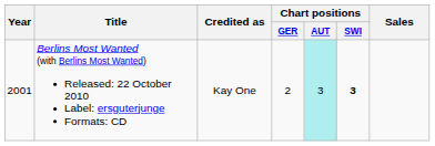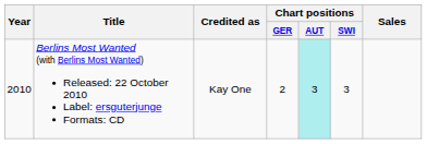 <table class="wikitable">
 <tr>
 <th style="width:20px;" rowspan="2"><strong>Year</strong></th>
 <th style="width:230px;" rowspan="2"><strong>Title</strong></th>
 <th style="width:100px;" rowspan="2"><strong>Credited as</strong></th>
 <th colspan="3"><strong>Chart positions</strong></th>
 <th style="width:80px;" rowspan="2"><strong>Sales</strong></th>
 </tr>
 <tr>
 <th style="width:40px;"><small><a href='#'>GER</a></small></th>
 <th style="width:40px;"><small><a href='#'>AUT</a></small></th>
 <th style="width:40px;"><small><a href='#'>SWI</a></small></th>
 </tr>
 <tr>
-<td>2001</td>
+<td>2010</td>
 <td align="left"><em><a href='#'>Berlins Most Wanted</a></em><br><small>(with  <a href='#'>Berlins Most Wanted</a>)</small><br><ul><li>Released: 22 October 2010</li><li>Label: <a href='#'>ersguterjunge</a></li><li>Formats: CD</li></ul></td>
 <td style="text-align:center;">Kay One</td>
 <td style="text-align:center;">2</td>
 <td style="background: paleturquoise; text-align:center;">3</td>
-<td style="text-align:center;"><strong>3</strong></td>
+<td style="text-align:center;">3</td>
 <td style="text-align:center;"></td>
 </tr>
 </table>
